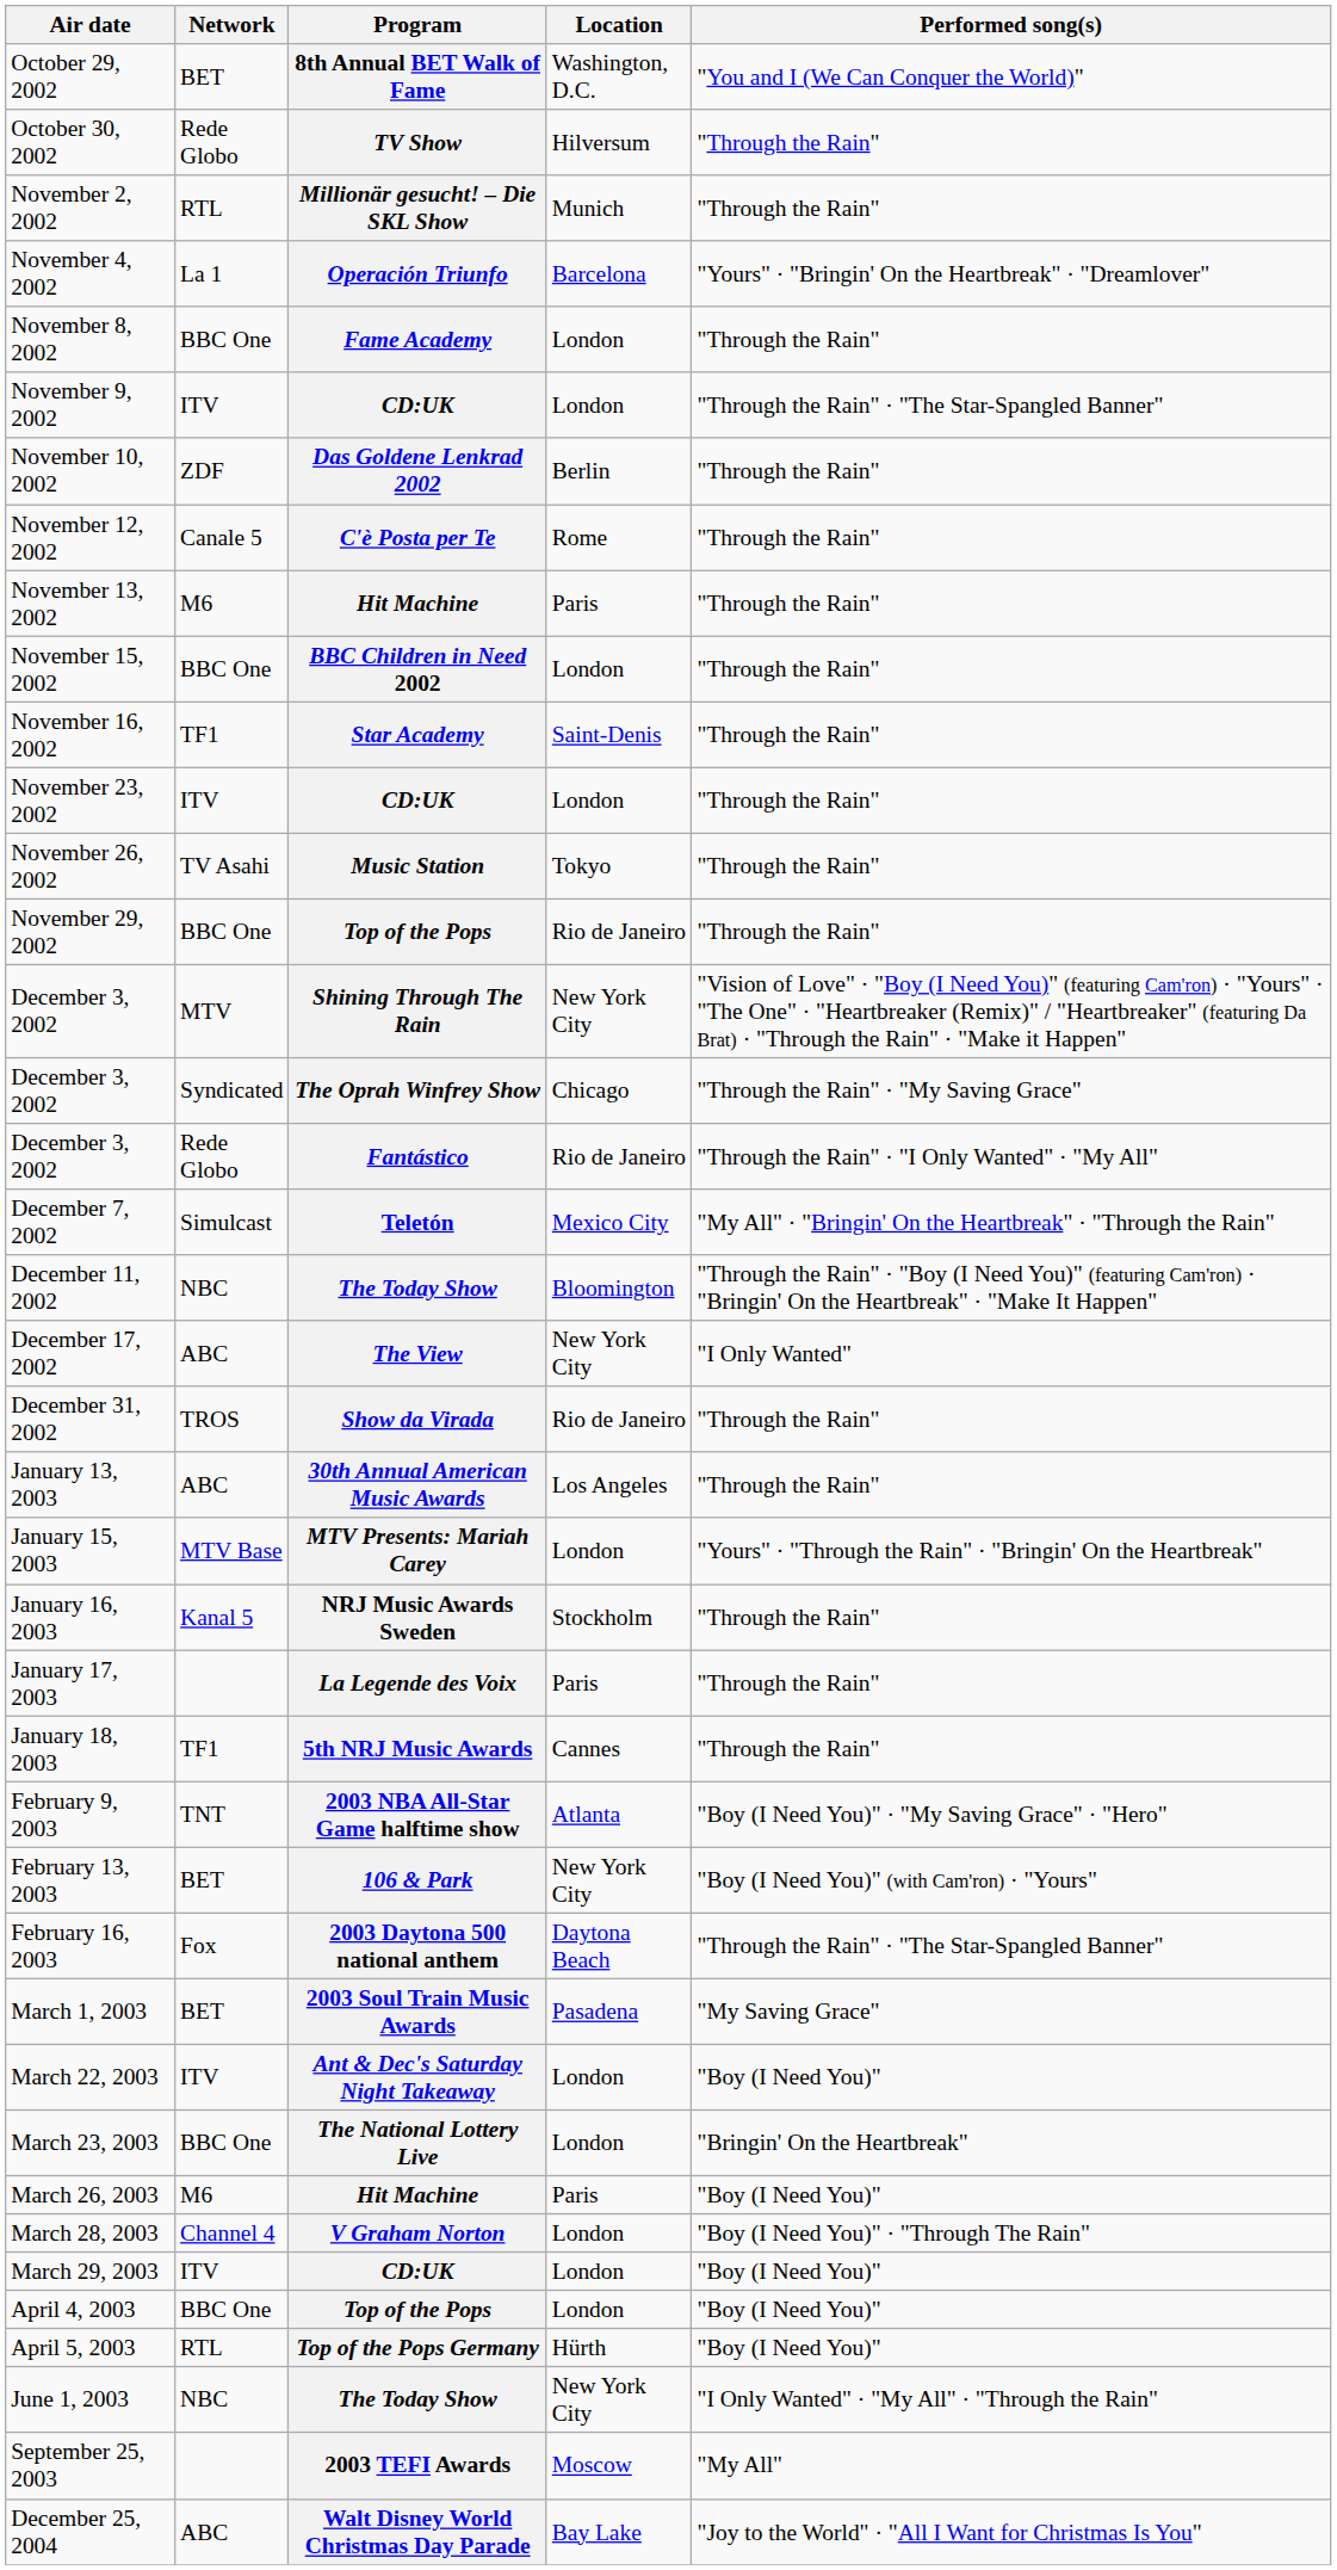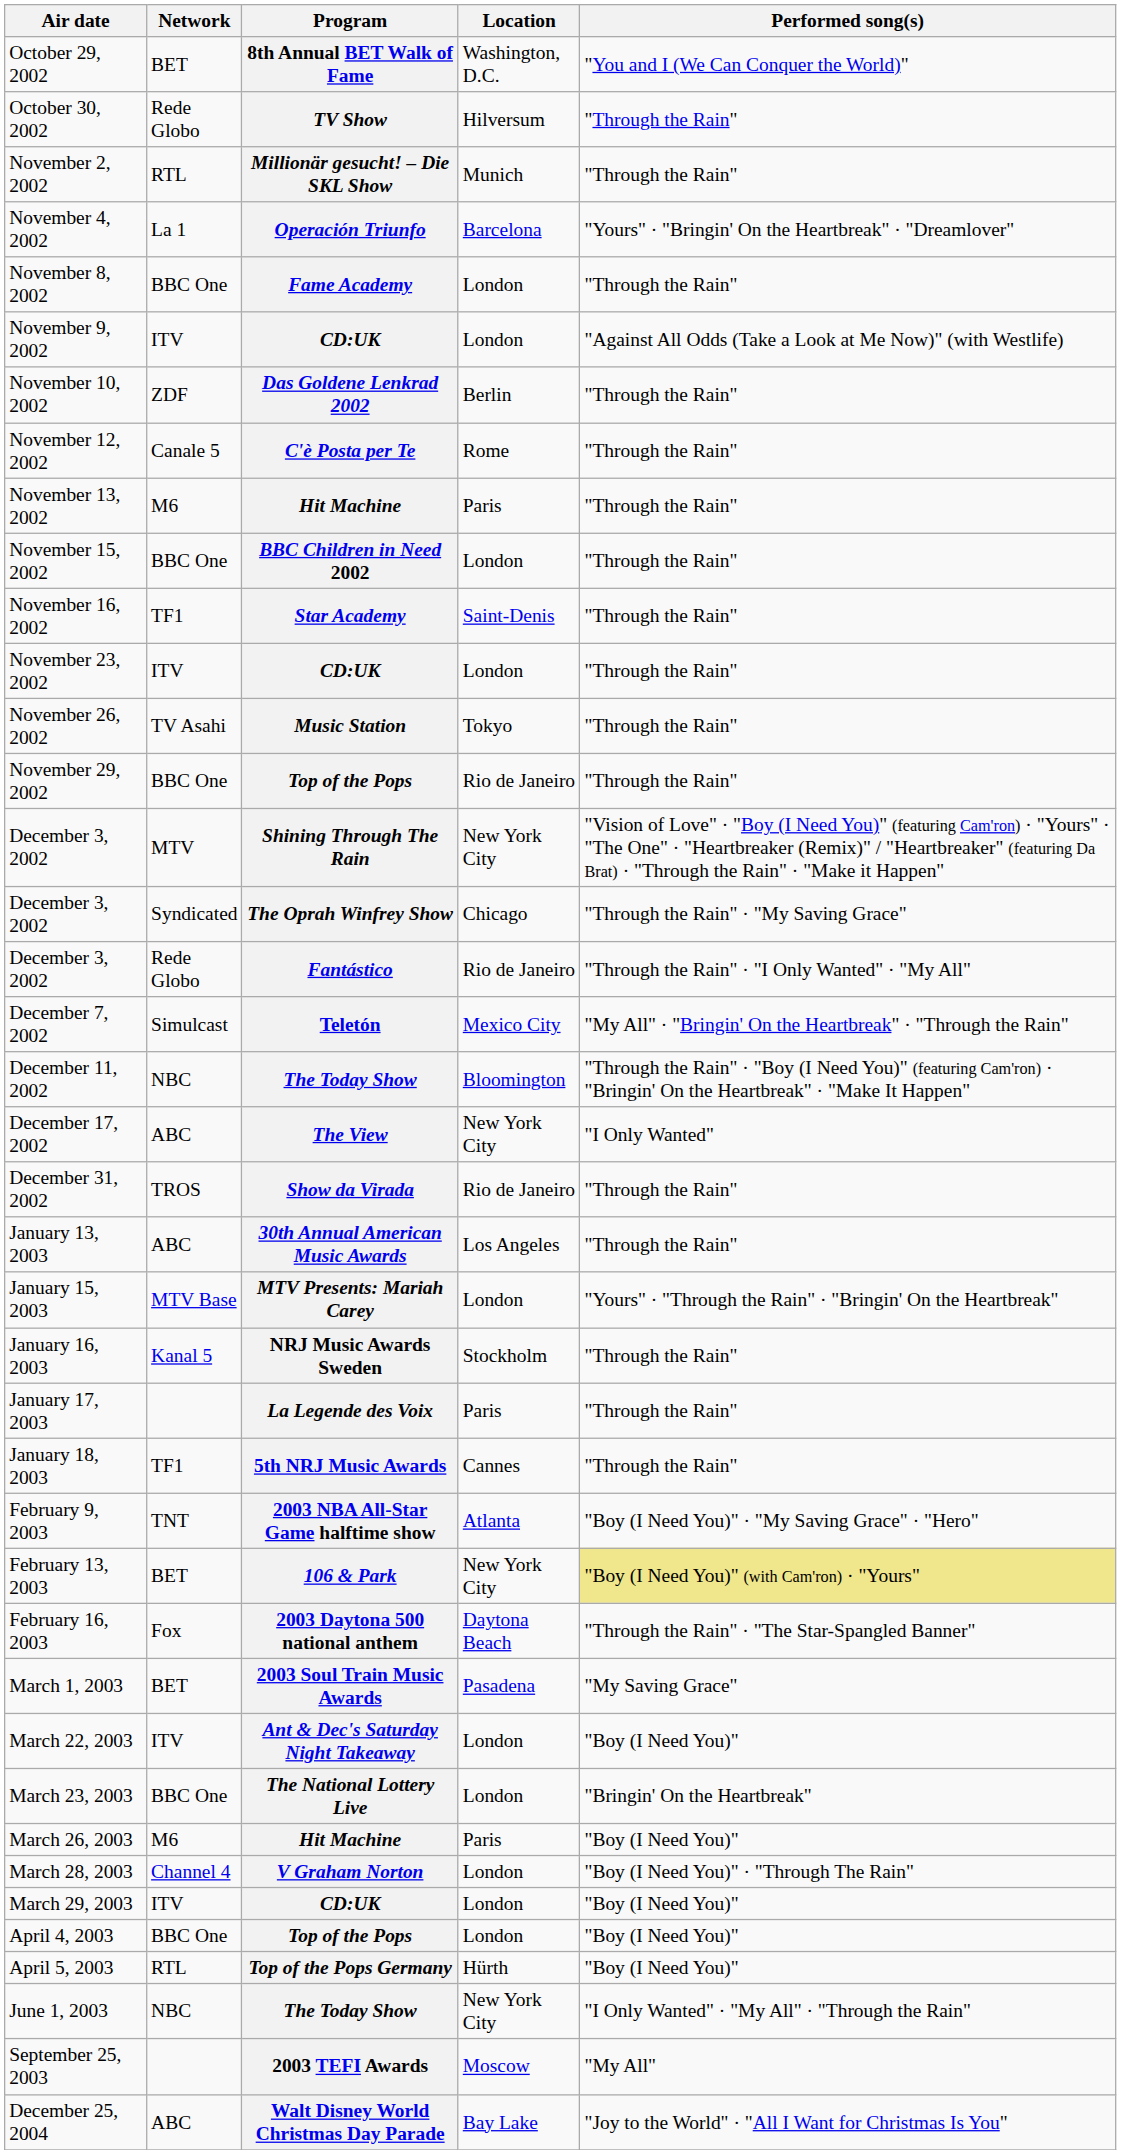 <table class="wikitable sortable plainrowheaders" style="font-size:95%;">
 <tr>
 <th style="width:13%;">Air date</th>
 <th style="width:6%;">Network</th>
 <th style="width:20%;">Program</th>
 <th style="width:11%;">Location</th>
 <th style="width:51%;">Performed song(s)</th>
 </tr>
 <tr>
 <td>October 29, 2002</td>
 <td>BET</td>
 <th scope="row">8th Annual <a href='#'>BET Walk of Fame</a></th>
 <td>Washington, D.C.</td>
 <td>"<a href='#'>You and I (We Can Conquer the World)</a>"</td>
 </tr>
 <tr>
 <td>October 30, 2002</td>
 <td>Rede Globo</td>
 <th scope="row"><em>TV Show</em></th>
 <td>Hilversum</td>
 <td>"<a href='#'>Through the Rain</a>"</td>
 </tr>
 <tr>
 <td>November 2, 2002</td>
 <td>RTL</td>
 <th scope="row"><em>Millionär gesucht! – Die SKL Show</em></th>
 <td>Munich</td>
 <td>"Through the Rain"</td>
 </tr>
 <tr>
 <td>November 4, 2002</td>
 <td>La 1</td>
 <th scope="row"><em><a href='#'>Operación Triunfo</a></em></th>
 <td><a href='#'>Barcelona</a></td>
 <td>"Yours" · "Bringin' On the Heartbreak" · "Dreamlover"</td>
 </tr>
 <tr>
 <td>November 8, 2002</td>
 <td>BBC One</td>
 <th scope="row"><em><a href='#'>Fame Academy</a></em></th>
 <td>London</td>
 <td>"Through the Rain"</td>
 </tr>
 <tr>
 <td>November 9, 2002</td>
 <td>ITV</td>
 <th scope="row"><em>CD:UK</em></th>
 <td>London</td>
-<td>"Through the Rain" · "The Star-Spangled Banner"</td>
+<td>"Against All Odds (Take a Look at Me Now)" (with Westlife)</td>
 </tr>
 <tr>
 <td>November 10, 2002</td>
 <td>ZDF</td>
 <th scope="row"><em><a href='#'>Das Goldene Lenkrad 2002</a></em></th>
 <td>Berlin</td>
 <td>"Through the Rain"</td>
 </tr>
 <tr>
 <td>November 12, 2002</td>
 <td>Canale 5</td>
 <th scope="row"><em><a href='#'>C'è Posta per Te</a></em></th>
 <td>Rome</td>
 <td>"Through the Rain"</td>
 </tr>
 <tr>
 <td>November 13, 2002</td>
 <td>M6</td>
 <th scope="row"><em>Hit Machine</em></th>
 <td>Paris</td>
 <td>"Through the Rain"</td>
 </tr>
 <tr>
 <td>November 15, 2002</td>
 <td>BBC One</td>
 <th scope="row"><em><a href='#'>BBC Children in Need</a></em> 2002</th>
 <td>London</td>
 <td>"Through the Rain"</td>
 </tr>
 <tr>
 <td>November 16, 2002</td>
 <td>TF1</td>
 <th scope="row"><em><a href='#'>Star Academy</a></em></th>
 <td><a href='#'>Saint-Denis</a></td>
 <td>"Through the Rain"</td>
 </tr>
 <tr>
 <td>November 23, 2002</td>
 <td>ITV</td>
 <th scope="row"><em>CD:UK</em></th>
 <td>London</td>
 <td>"Through the Rain"</td>
 </tr>
 <tr>
 <td>November 26, 2002</td>
 <td>TV Asahi</td>
 <th scope="row"><em>Music Station</em></th>
 <td>Tokyo</td>
 <td>"Through the Rain"</td>
 </tr>
 <tr>
 <td>November 29, 2002</td>
 <td>BBC One</td>
 <th scope="row"><em>Top of the Pops</em></th>
 <td>Rio de Janeiro</td>
 <td>"Through the Rain"</td>
 </tr>
 <tr>
 <td>December 3, 2002</td>
 <td>MTV</td>
 <th scope="row"><em>Shining Through The Rain</em></th>
 <td>New York City</td>
 <td>"Vision of Love" · "<a href='#'>Boy (I Need You)</a>" <small>(featuring <a href='#'>Cam'ron</a>)</small> · "Yours" · "The One" · "Heartbreaker (Remix)" / "Heartbreaker" <small>(featuring Da Brat)</small> · "Through the Rain" · "Make it Happen"</td>
 </tr>
 <tr>
 <td>December 3, 2002</td>
 <td>Syndicated</td>
 <th scope="row"><em>The Oprah Winfrey Show</em></th>
 <td>Chicago</td>
 <td>"Through the Rain" · "My Saving Grace"</td>
 </tr>
 <tr>
 <td>December 3, 2002</td>
 <td>Rede Globo</td>
 <th scope="row"><em><a href='#'>Fantástico</a></em></th>
 <td>Rio de Janeiro</td>
 <td>"Through the Rain" · "I Only Wanted" · "My All"</td>
 </tr>
 <tr>
 <td>December 7, 2002</td>
 <td>Simulcast</td>
 <th scope="row"><a href='#'>Teletón</a></th>
 <td><a href='#'>Mexico City</a></td>
 <td>"My All" · "<a href='#'>Bringin' On the Heartbreak</a>" · "Through the Rain"</td>
 </tr>
 <tr>
 <td>December 11, 2002</td>
 <td>NBC</td>
 <th scope="row"><em><a href='#'>The Today Show</a></em></th>
 <td><a href='#'>Bloomington</a></td>
 <td>"Through the Rain" · "Boy (I Need You)" <small>(featuring Cam'ron)</small> · "Bringin' On the Heartbreak" · "Make It Happen"</td>
 </tr>
 <tr>
 <td>December 17, 2002</td>
 <td>ABC</td>
 <th scope="row"><em><a href='#'>The View</a></em></th>
 <td>New York City</td>
 <td>"I Only Wanted"</td>
 </tr>
 <tr>
 <td>December 31, 2002</td>
 <td>TROS</td>
 <th scope="row"><em><a href='#'>Show da Virada</a></em></th>
 <td>Rio de Janeiro</td>
 <td>"Through the Rain"</td>
 </tr>
 <tr>
 <td>January 13, 2003</td>
 <td>ABC</td>
 <th scope="row"><em><a href='#'>30th Annual American Music Awards</a></em></th>
 <td>Los Angeles</td>
 <td>"Through the Rain"</td>
 </tr>
 <tr>
 <td>January 15, 2003</td>
 <td><a href='#'>MTV Base</a></td>
 <th scope="row"><em>MTV Presents: Mariah Carey</em></th>
 <td>London</td>
 <td>"Yours" · "Through the Rain" · "Bringin' On the Heartbreak"</td>
 </tr>
 <tr>
 <td>January 16, 2003</td>
 <td><a href='#'>Kanal 5</a></td>
 <th scope="row">NRJ Music Awards Sweden</th>
 <td>Stockholm</td>
 <td>"Through the Rain"</td>
 </tr>
 <tr>
 <td>January 17, 2003</td>
 <td></td>
 <th scope="row"><em>La Legende des Voix</em></th>
 <td>Paris</td>
 <td>"Through the Rain"</td>
 </tr>
 <tr>
 <td>January 18, 2003</td>
 <td>TF1</td>
 <th scope="row"><a href='#'>5th NRJ Music Awards</a></th>
 <td>Cannes</td>
 <td>"Through the Rain"</td>
 </tr>
 <tr>
 <td>February 9, 2003</td>
 <td>TNT</td>
 <th scope="row"><a href='#'>2003 NBA All-Star Game</a> halftime show</th>
 <td><a href='#'>Atlanta</a></td>
 <td>"Boy (I Need You)" · "My Saving Grace" · "Hero"</td>
 </tr>
 <tr>
 <td>February 13, 2003</td>
 <td>BET</td>
 <th scope="row"><em><a href='#'>106 & Park</a></em></th>
 <td>New York City</td>
-<td>"Boy (I Need You)" <small>(with Cam'ron)</small> · "Yours"</td>
+<td style="background: khaki;">"Boy (I Need You)" <small>(with Cam'ron)</small> · "Yours"</td>
 </tr>
 <tr>
 <td>February 16, 2003</td>
 <td>Fox</td>
 <th scope="row"><a href='#'>2003 Daytona 500</a> national anthem</th>
 <td><a href='#'>Daytona Beach</a></td>
 <td>"Through the Rain" · "The Star-Spangled Banner"</td>
 </tr>
 <tr>
 <td>March 1, 2003</td>
 <td>BET</td>
 <th scope="row"><a href='#'>2003 Soul Train Music Awards</a></th>
 <td><a href='#'>Pasadena</a></td>
 <td>"My Saving Grace"</td>
 </tr>
 <tr>
 <td>March 22, 2003</td>
 <td>ITV</td>
 <th scope="row"><em><a href='#'>Ant & Dec's Saturday Night Takeaway</a></em></th>
 <td>London</td>
 <td>"Boy (I Need You)"</td>
 </tr>
 <tr>
 <td>March 23, 2003</td>
 <td>BBC One</td>
 <th scope="row"><em>The National Lottery Live</em></th>
 <td>London</td>
 <td>"Bringin' On the Heartbreak"</td>
 </tr>
 <tr>
 <td>March 26, 2003</td>
 <td>M6</td>
 <th scope="row"><em>Hit Machine</em></th>
 <td>Paris</td>
 <td>"Boy (I Need You)"</td>
 </tr>
 <tr>
 <td>March 28, 2003</td>
 <td><a href='#'>Channel 4</a></td>
 <th scope="row"><em><a href='#'>V Graham Norton</a></em></th>
 <td>London</td>
 <td>"Boy (I Need You)" · "Through The Rain"</td>
 </tr>
 <tr>
 <td>March 29, 2003</td>
 <td>ITV</td>
 <th scope="row"><em>CD:UK</em></th>
 <td>London</td>
 <td>"Boy (I Need You)"</td>
 </tr>
 <tr>
 <td>April 4, 2003</td>
 <td>BBC One</td>
 <th scope="row"><em>Top of the Pops</em></th>
 <td>London</td>
 <td>"Boy (I Need You)"</td>
 </tr>
 <tr>
 <td>April 5, 2003</td>
 <td>RTL</td>
 <th scope="row"><em>Top of the Pops Germany</em></th>
 <td>Hürth</td>
 <td>"Boy (I Need You)"</td>
 </tr>
 <tr>
 <td>June 1, 2003</td>
 <td>NBC</td>
 <th scope="row"><em>The Today Show</em></th>
 <td>New York City</td>
 <td>"I Only Wanted" · "My All" · "Through the Rain"</td>
 </tr>
 <tr>
 <td>September 25, 2003</td>
 <td></td>
 <th scope="row">2003 <a href='#'>TEFI</a> Awards</th>
 <td><a href='#'>Moscow</a></td>
 <td>"My All"</td>
 </tr>
 <tr>
 <td>December 25, 2004</td>
 <td>ABC</td>
 <th scope="row"><a href='#'>Walt Disney World Christmas Day Parade</a></th>
 <td><a href='#'>Bay Lake</a></td>
 <td>"Joy to the World" · "<a href='#'>All I Want for Christmas Is You</a>"</td>
 </tr>
 </table>
